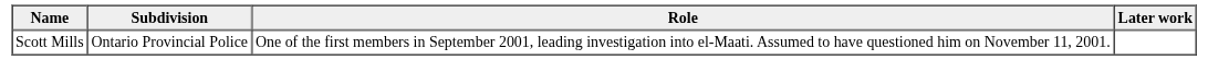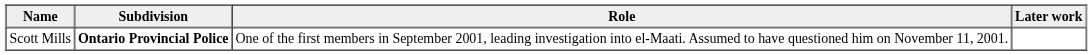 <table align="center" border="1" cellpadding="3" cellspacing="0">
 <tr>
 <th bgcolor="#efefef">Name</th>
 <th bgcolor="#efefef">Subdivision</th>
 <th bgcolor="#efefef">Role</th>
 <th bgcolor="#efefef">Later work</th>
 </tr>
 <tr>
 <td>Scott Mills</td>
-<td>Ontario Provincial Police</td>
+<td><strong>Ontario Provincial Police</strong></td>
 <td>One of the first members in September 2001, leading investigation into el-Maati. Assumed to have questioned him on November 11, 2001.</td>
 <td></td>
 </tr>
 <tr>
 </tr>
 </table>
